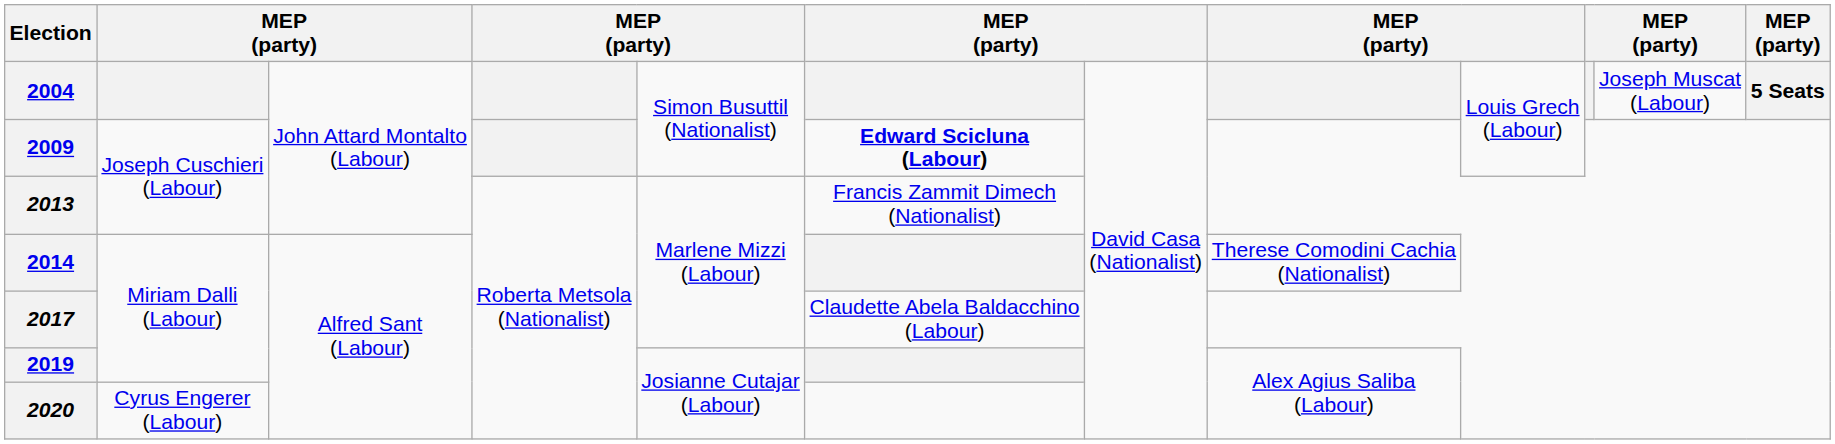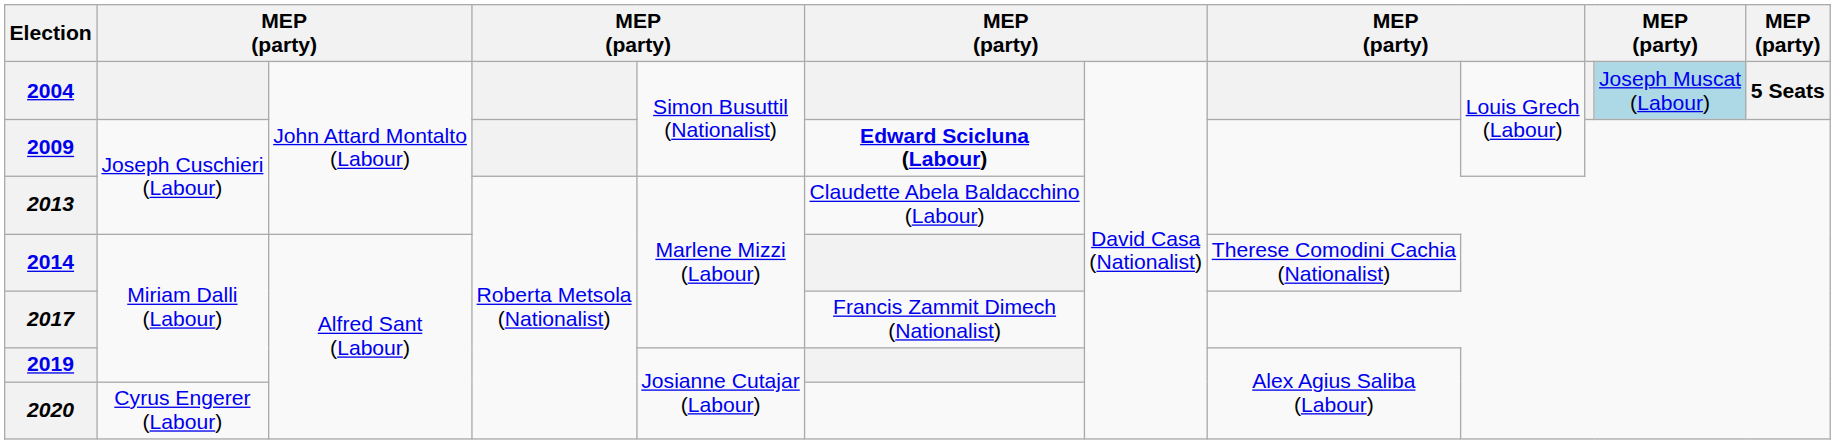 <table class= "wikitable" style= "text-align:center">
 <tr>
 <th>Election</th>
 <th colspan=2>MEP<br>(party)</th>
 <th colspan=2>MEP<br>(party)</th>
 <th colspan=2>MEP<br>(party)</th>
 <th colspan=2>MEP<br>(party)</th>
 <th colspan=2>MEP<br>(party)</th>
 <th colspan=2>MEP<br>(party)</th>
 </tr>
 <tr>
 <th><a href='#'>2004</a></th>
 <th style="background-color: "></th>
 <td rowspan=3><a href='#'>John Attard Montalto</a><br>(<a href='#'>Labour</a>)</td>
 <th style="background-color: "></th>
 <td rowspan=2><a href='#'>Simon Busuttil</a><br>(<a href='#'>Nationalist</a>)</td>
 <th style="background-color: "></th>
 <td rowspan=7><a href='#'>David Casa</a><br>(<a href='#'>Nationalist</a>)</td>
 <th style="background-color: "></th>
 <td rowspan=2><a href='#'>Louis Grech</a><br>(<a href='#'>Labour</a>)</td>
 <th style="background-color: "></th>
-<td rowspan=1><a href='#'>Joseph Muscat</a><br>(<a href='#'>Labour</a>)</td>
+<td rowspan=1 style="background: lightblue;"><a href='#'>Joseph Muscat</a><br>(<a href='#'>Labour</a>)</td>
 <th colspan=2>5 Seats</th>
 </tr>
 <tr>
 <th><a href='#'>2009</a></th>
 <td rowspan=2><a href='#'>Joseph Cuschieri</a><br>(<a href='#'>Labour</a>)</td>
 <th style="background-color: "></th>
 <td rowspan=1><strong><a href='#'>Edward Scicluna</a><br>(<a href='#'>Labour</a>)</strong></td>
 </tr>
 <tr>
 <th><em>2013</em></th>
 <td rowspan=5><a href='#'>Roberta Metsola</a><br>(<a href='#'>Nationalist</a>)</td>
 <td rowspan=3><a href='#'>Marlene Mizzi</a><br>(<a href='#'>Labour</a>)</td>
-<td rowspan=1><a href='#'>Francis Zammit Dimech</a><br>(<a href='#'>Nationalist</a>)</td>
+<td rowspan=1><a href='#'>Claudette Abela Baldacchino</a><br>(<a href='#'>Labour</a>)</td>
 </tr>
 <tr>
 <th><a href='#'>2014</a></th>
 <td rowspan=3><a href='#'>Miriam Dalli</a><br>(<a href='#'>Labour</a>)</td>
 <td rowspan=4><a href='#'>Alfred Sant</a><br>(<a href='#'>Labour</a>)</td>
 <th style="background-color: "></th>
 <td rowspan=1><a href='#'>Therese Comodini Cachia</a><br>(<a href='#'>Nationalist</a>)</td>
 </tr>
 <tr>
 <th><em>2017</em></th>
-<td rowspan=1><a href='#'>Claudette Abela Baldacchino</a><br>(<a href='#'>Labour</a>)</td>
+<td rowspan=1><a href='#'>Francis Zammit Dimech</a><br>(<a href='#'>Nationalist</a>)</td>
 </tr>
 <tr>
 <th><a href='#'>2019</a></th>
 <td rowspan=2><a href='#'>Josianne Cutajar</a><br>(<a href='#'>Labour</a>)</td>
 <th style="background-color: "></th>
 <td rowspan=2><a href='#'>Alex Agius Saliba</a><br>(<a href='#'>Labour</a>)</td>
 </tr>
 <tr>
 <th><em>2020</em></th>
 <td rowspan=1><a href='#'>Cyrus Engerer</a><br>(<a href='#'>Labour</a>)</td>
 </tr>
 </table>
